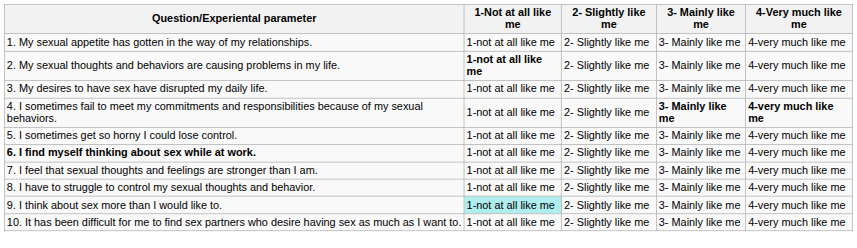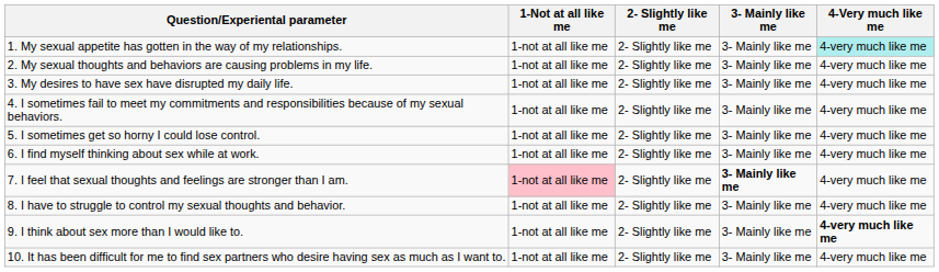 <table class="wikitable">
 <tr>
 <th>Question/Experiental parameter</th>
 <th>1-Not at all like me</th>
 <th>2- Slightly like me</th>
 <th>3- Mainly like me</th>
 <th>4-Very much like me</th>
 </tr>
 <tr>
 <td>1.    My sexual appetite has gotten in the way of my relationships.</td>
 <td>1-not at all like me</td>
 <td>2- Slightly like me</td>
 <td>3- Mainly like me</td>
-<td>4-very much like me</td>
+<td style="background: paleturquoise;">4-very much like me</td>
 </tr>
 <tr>
 <td>2.    My sexual thoughts and behaviors are causing problems in my life.</td>
-<td><strong>1-not at all like me</strong></td>
+<td>1-not at all like me</td>
 <td>2- Slightly like me</td>
 <td>3- Mainly like me</td>
 <td>4-very much like me</td>
 </tr>
 <tr>
 <td>3.    My desires to have sex have disrupted my daily life.</td>
 <td>1-not at all like me</td>
 <td>2- Slightly like me</td>
 <td>3- Mainly like me</td>
 <td>4-very much like me</td>
 </tr>
 <tr>
 <td>4.    I sometimes fail to meet my commitments and responsibilities because of my sexual behaviors.</td>
 <td>1-not at all like me</td>
 <td>2- Slightly like me</td>
-<td><strong>3- Mainly like me</strong></td>
-<td><strong>4-very much like me</strong></td>
+<td>3- Mainly like me</td>
+<td>4-very much like me</td>
 </tr>
 <tr>
 <td>5.    I sometimes get so horny I could lose control.</td>
 <td>1-not at all like me</td>
 <td>2- Slightly like me</td>
 <td>3- Mainly like me</td>
 <td>4-very much like me</td>
 </tr>
 <tr>
-<td><strong>6.    I find myself thinking about sex while at work.</strong></td>
+<td>6.    I find myself thinking about sex while at work.</td>
 <td>1-not at all like me</td>
 <td>2- Slightly like me</td>
 <td>3- Mainly like me</td>
 <td>4-very much like me</td>
 </tr>
 <tr>
 <td>7.    I feel that sexual thoughts and feelings are stronger than I am.</td>
-<td>1-not at all like me</td>
+<td style="background: pink;">1-not at all like me</td>
 <td>2- Slightly like me</td>
-<td>3- Mainly like me</td>
+<td><strong>3- Mainly like me</strong></td>
 <td>4-very much like me</td>
 </tr>
 <tr>
 <td>8.    I have to struggle to control my sexual thoughts and behavior.</td>
 <td>1-not at all like me</td>
 <td>2- Slightly like me</td>
 <td>3- Mainly like me</td>
 <td>4-very much like me</td>
 </tr>
 <tr>
 <td>9.    I think about sex more than I would like to.</td>
-<td style="background: paleturquoise;">1-not at all like me</td>
+<td>1-not at all like me</td>
 <td>2- Slightly like me</td>
 <td>3- Mainly like me</td>
-<td>4-very much like me</td>
+<td><strong>4-very much like me</strong></td>
 </tr>
 <tr>
 <td>10.   It has been difficult for me to find sex partners who desire having sex as much as I want to.</td>
 <td>1-not at all like me</td>
 <td>2- Slightly like me</td>
 <td>3- Mainly like me</td>
 <td>4-very much like me</td>
 </tr>
 </table>
